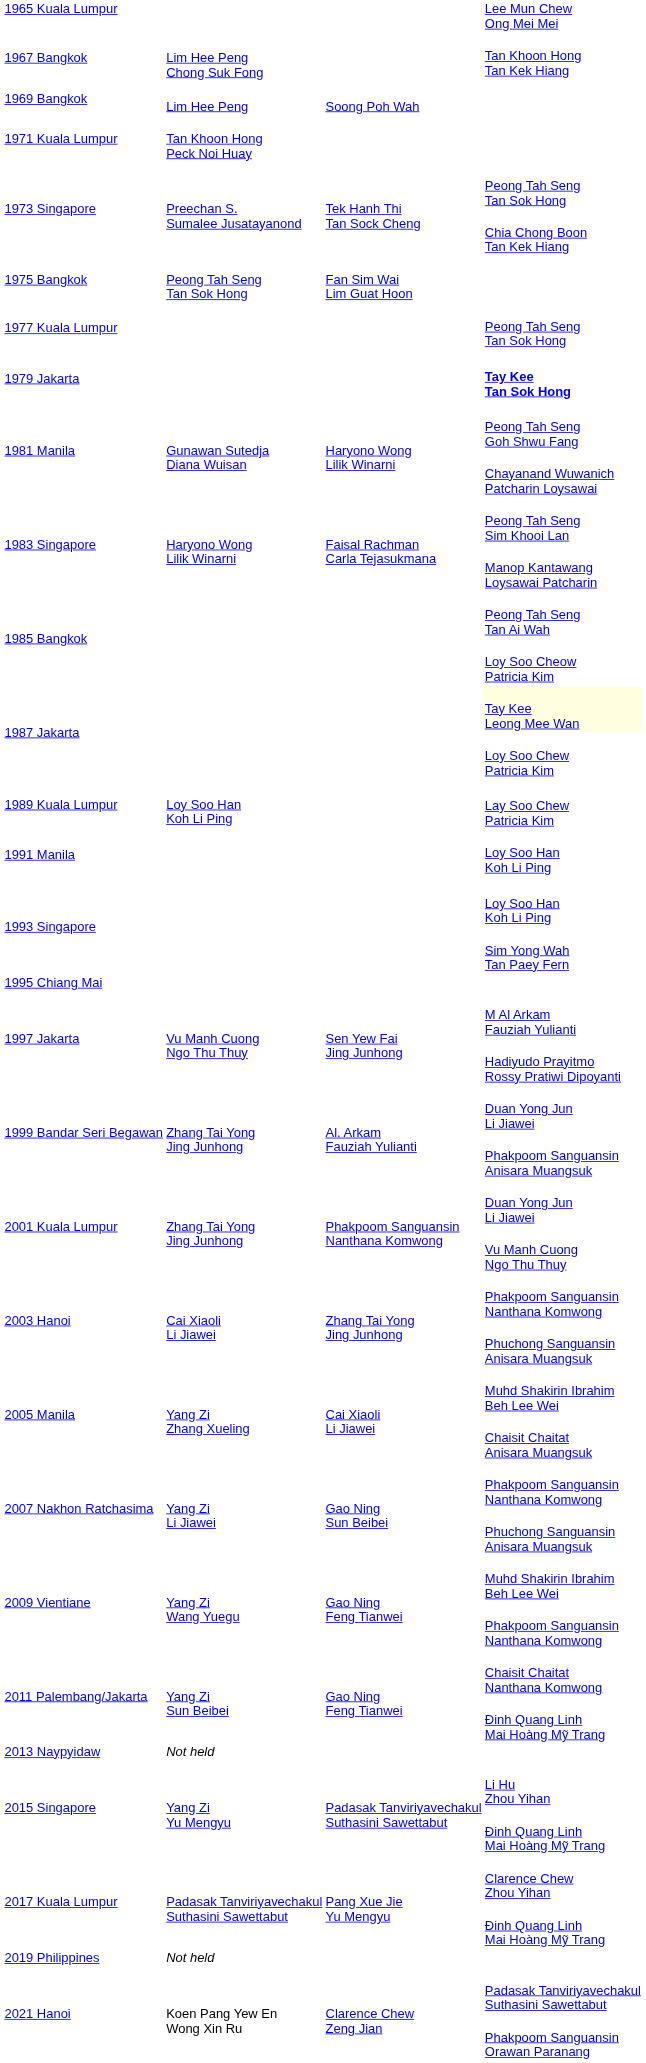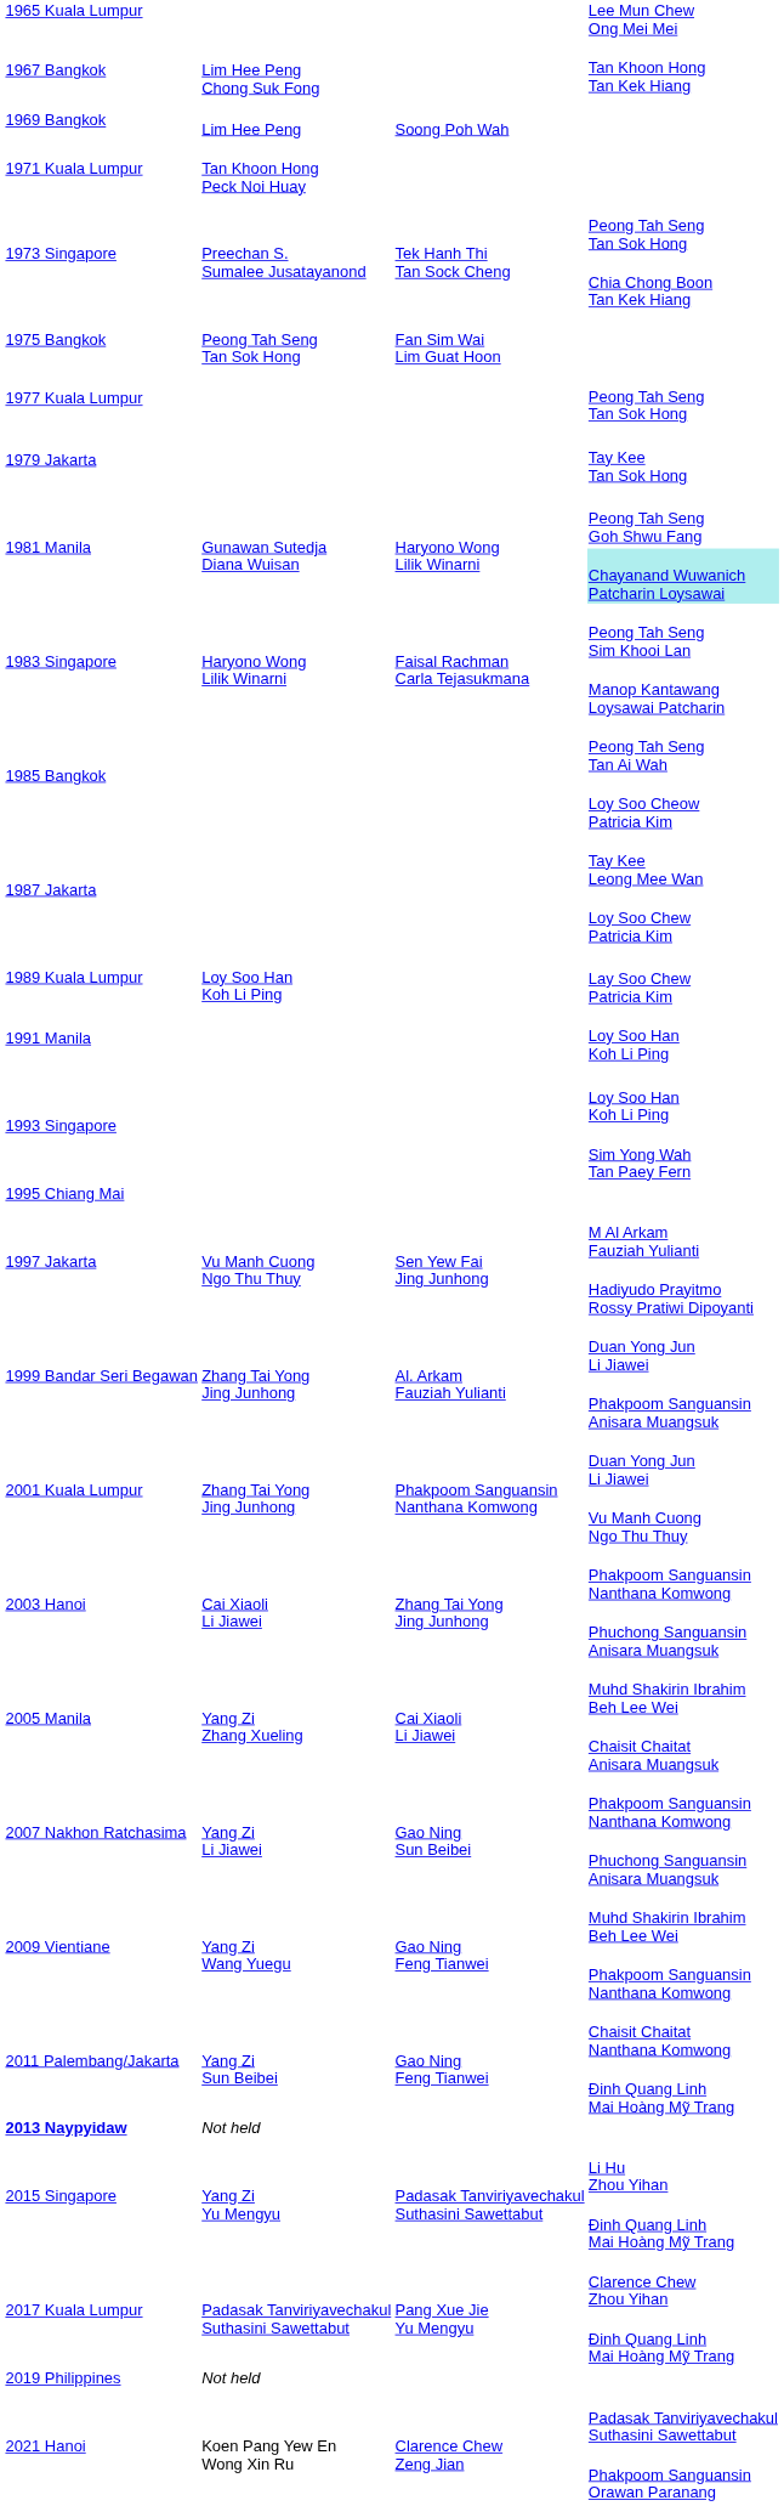 <table>
 <tr>
 <td><a href='#'>1965 Kuala Lumpur</a><br></td>
 <td></td>
 <td></td>
 <td><br><a href='#'>Lee Mun Chew</a><br><a href='#'>Ong Mei Mei</a></td>
 </tr>
 <tr>
 <td rowspan=2><a href='#'>1967 Bangkok</a><br></td>
 <td rowspan=2><br><a href='#'>Lim Hee Peng</a><br><a href='#'>Chong Suk Fong</a></td>
 <td rowspan=2></td>
 <td><br><a href='#'>Tan Khoon Hong</a><br><a href='#'>Tan Kek Hiang</a></td>
 </tr>
 <tr>
 <td></td>
 </tr>
 <tr>
 <td rowspan=2><a href='#'>1969 Bangkok</a><br></td>
 <td rowspan=2><br><a href='#'>Lim Hee Peng</a></td>
 <td rowspan=2><br><a href='#'>Soong Poh Wah</a></td>
 <td></td>
 </tr>
 <tr>
 <td></td>
 </tr>
 <tr>
 <td rowspan=2><a href='#'>1971 Kuala Lumpur</a><br></td>
 <td rowspan=2><br><a href='#'>Tan Khoon Hong</a><br><a href='#'>Peck Noi Huay</a></td>
 <td rowspan=2></td>
 <td></td>
 </tr>
 <tr>
 <td></td>
 </tr>
 <tr>
 <td rowspan=2><a href='#'>1973 Singapore</a><br></td>
 <td rowspan=2><br><a href='#'>Preechan S.</a><br><a href='#'>Sumalee Jusatayanond</a></td>
 <td rowspan=2><br><a href='#'>Tek Hanh Thi</a><br><a href='#'>Tan Sock Cheng</a></td>
 <td><br><a href='#'>Peong Tah Seng</a><br><a href='#'>Tan Sok Hong</a></td>
 </tr>
 <tr>
 <td><br><a href='#'>Chia Chong Boon</a><br><a href='#'>Tan Kek Hiang</a></td>
 </tr>
 <tr>
 <td rowspan=2><a href='#'>1975 Bangkok</a><br></td>
 <td rowspan=2><br><a href='#'>Peong Tah Seng</a><br><a href='#'>Tan Sok Hong</a></td>
 <td rowspan=2><br><a href='#'>Fan Sim Wai</a><br><a href='#'>Lim Guat Hoon</a></td>
 <td></td>
 </tr>
 <tr>
 <td></td>
 </tr>
 <tr>
 <td rowspan=2><a href='#'>1977 Kuala Lumpur</a><br></td>
 <td rowspan=2></td>
 <td rowspan=2></td>
 <td><br><a href='#'>Peong Tah Seng</a><br><a href='#'>Tan Sok Hong</a></td>
 </tr>
 <tr>
 <td></td>
 </tr>
 <tr>
 <td rowspan=2><a href='#'>1979 Jakarta</a><br></td>
 <td rowspan=2></td>
 <td rowspan=2></td>
-<td><strong><br><a href='#'>Tay Kee</a><br><a href='#'>Tan Sok Hong</a></strong></td>
+<td><br><a href='#'>Tay Kee</a><br><a href='#'>Tan Sok Hong</a></td>
 </tr>
 <tr>
 <td></td>
 </tr>
 <tr>
 <td rowspan=2><a href='#'>1981 Manila</a><br></td>
 <td rowspan=2><br><a href='#'>Gunawan Sutedja</a><br><a href='#'>Diana Wuisan</a></td>
 <td rowspan=2><br><a href='#'>Haryono Wong</a><br><a href='#'>Lilik Winarni</a></td>
 <td><br><a href='#'>Peong Tah Seng</a><br><a href='#'>Goh Shwu Fang</a></td>
 </tr>
 <tr>
-<td><br><a href='#'>Chayanand Wuwanich</a><br><a href='#'>Patcharin Loysawai</a></td>
+<td style="background: paleturquoise;"><br><a href='#'>Chayanand Wuwanich</a><br><a href='#'>Patcharin Loysawai</a></td>
 </tr>
 <tr>
 <td rowspan=2><a href='#'>1983 Singapore</a><br></td>
 <td rowspan=2><br><a href='#'>Haryono Wong</a><br><a href='#'>Lilik Winarni</a></td>
 <td rowspan=2><br><a href='#'>Faisal Rachman</a><br><a href='#'>Carla Tejasukmana</a></td>
 <td><br><a href='#'>Peong Tah Seng</a><br><a href='#'>Sim Khooi Lan</a></td>
 </tr>
 <tr>
 <td><br><a href='#'>Manop Kantawang</a><br><a href='#'>Loysawai Patcharin</a></td>
 </tr>
 <tr>
 <td rowspan=2><a href='#'>1985 Bangkok</a><br></td>
 <td rowspan=2></td>
 <td rowspan=2></td>
 <td><br><a href='#'>Peong Tah Seng</a><br><a href='#'>Tan Ai Wah</a></td>
 </tr>
 <tr>
 <td><br><a href='#'>Loy Soo Cheow</a><br><a href='#'>Patricia Kim</a></td>
 </tr>
 <tr>
 <td rowspan=2><a href='#'>1987 Jakarta</a><br></td>
 <td rowspan=2></td>
 <td rowspan=2></td>
-<td style="background: lightyellow;"><br><a href='#'>Tay Kee</a><br><a href='#'>Leong Mee Wan</a></td>
+<td><br><a href='#'>Tay Kee</a><br><a href='#'>Leong Mee Wan</a></td>
 </tr>
 <tr>
 <td><br><a href='#'>Loy Soo Chew</a><br><a href='#'>Patricia Kim</a></td>
 </tr>
 <tr>
 <td rowspan=2><a href='#'>1989 Kuala Lumpur</a><br></td>
 <td rowspan=2><br><a href='#'>Loy Soo Han</a><br><a href='#'>Koh Li Ping</a></td>
 <td rowspan=2></td>
 <td></td>
 </tr>
 <tr>
 <td><br><a href='#'>Lay Soo Chew</a><br><a href='#'>Patricia Kim</a></td>
 </tr>
 <tr>
 <td rowspan=2><a href='#'>1991 Manila</a><br></td>
 <td rowspan=2></td>
 <td rowspan=2></td>
 <td><br><a href='#'>Loy Soo Han</a><br><a href='#'>Koh Li Ping</a></td>
 </tr>
 <tr>
 <td></td>
 </tr>
 <tr>
 <td rowspan=2><a href='#'>1993 Singapore</a><br></td>
 <td rowspan=2></td>
 <td rowspan=2></td>
 <td><br><a href='#'>Loy Soo Han</a><br><a href='#'>Koh Li Ping</a></td>
 </tr>
 <tr>
 <td><br><a href='#'>Sim Yong Wah</a><br><a href='#'>Tan Paey Fern</a></td>
 </tr>
 <tr>
 <td rowspan=2><a href='#'>1995 Chiang Mai</a><br></td>
 <td rowspan=2></td>
 <td rowspan=2></td>
 <td></td>
 </tr>
 <tr>
 <td></td>
 </tr>
 <tr>
 <td rowspan=2><a href='#'>1997 Jakarta</a><br></td>
 <td rowspan=2><br><a href='#'>Vu Manh Cuong</a><br><a href='#'>Ngo Thu Thuy</a></td>
 <td rowspan=2><br><a href='#'>Sen Yew Fai</a><br><a href='#'>Jing Junhong</a></td>
 <td><br><a href='#'>M Al Arkam</a><br><a href='#'>Fauziah Yulianti</a></td>
 </tr>
 <tr>
 <td><br><a href='#'>Hadiyudo Prayitmo</a><br><a href='#'>Rossy Pratiwi Dipoyanti</a></td>
 </tr>
 <tr>
 <td rowspan=2><a href='#'>1999 Bandar Seri Begawan</a><br></td>
 <td rowspan=2><br><a href='#'>Zhang Tai Yong</a><br><a href='#'>Jing Junhong</a></td>
 <td rowspan=2><br><a href='#'>Al. Arkam</a><br><a href='#'>Fauziah Yulianti</a></td>
 <td><br><a href='#'>Duan Yong Jun</a><br><a href='#'>Li Jiawei</a></td>
 </tr>
 <tr>
 <td><br><a href='#'>Phakpoom Sanguansin</a><br><a href='#'>Anisara Muangsuk</a></td>
 </tr>
 <tr>
 <td rowspan=2><a href='#'>2001 Kuala Lumpur</a><br></td>
 <td rowspan=2><br><a href='#'>Zhang Tai Yong</a><br><a href='#'>Jing Junhong</a></td>
 <td rowspan=2><br><a href='#'>Phakpoom Sanguansin</a><br><a href='#'>Nanthana Komwong</a></td>
 <td><br><a href='#'>Duan Yong Jun</a><br><a href='#'>Li Jiawei</a></td>
 </tr>
 <tr>
 <td><br><a href='#'>Vu Manh Cuong</a><br><a href='#'>Ngo Thu Thuy</a></td>
 </tr>
 <tr>
 <td rowspan=2><a href='#'>2003 Hanoi</a><br></td>
 <td rowspan=2><br><a href='#'>Cai Xiaoli</a><br><a href='#'>Li Jiawei</a></td>
 <td rowspan=2><br><a href='#'>Zhang Tai Yong</a><br><a href='#'>Jing Junhong</a></td>
 <td><br><a href='#'>Phakpoom Sanguansin</a><br><a href='#'>Nanthana Komwong</a></td>
 </tr>
 <tr>
 <td><br><a href='#'>Phuchong Sanguansin</a><br><a href='#'>Anisara Muangsuk</a></td>
 </tr>
 <tr>
 <td rowspan=2><a href='#'>2005 Manila</a><br></td>
 <td rowspan=2><br><a href='#'>Yang Zi</a><br><a href='#'>Zhang Xueling</a></td>
 <td rowspan=2><br><a href='#'>Cai Xiaoli</a><br><a href='#'>Li Jiawei</a></td>
 <td><br><a href='#'>Muhd Shakirin Ibrahim</a><br><a href='#'>Beh Lee Wei</a></td>
 </tr>
 <tr>
 <td><br><a href='#'>Chaisit Chaitat</a><br><a href='#'>Anisara Muangsuk</a></td>
 </tr>
 <tr>
 <td rowspan=2><a href='#'>2007 Nakhon Ratchasima</a><br></td>
 <td rowspan=2><br><a href='#'>Yang Zi</a><br><a href='#'>Li Jiawei</a></td>
 <td rowspan=2><br><a href='#'>Gao Ning</a><br><a href='#'>Sun Beibei</a></td>
 <td><br><a href='#'>Phakpoom Sanguansin</a><br><a href='#'>Nanthana Komwong</a></td>
 </tr>
 <tr>
 <td><br><a href='#'>Phuchong Sanguansin</a><br><a href='#'>Anisara Muangsuk</a></td>
 </tr>
 <tr>
 <td rowspan=2><a href='#'>2009 Vientiane</a><br></td>
 <td rowspan=2><br><a href='#'>Yang Zi</a><br><a href='#'>Wang Yuegu</a></td>
 <td rowspan=2><br><a href='#'>Gao Ning</a><br><a href='#'>Feng Tianwei</a></td>
 <td><br><a href='#'>Muhd Shakirin Ibrahim</a><br><a href='#'>Beh Lee Wei</a></td>
 </tr>
 <tr>
 <td><br><a href='#'>Phakpoom Sanguansin</a><br><a href='#'>Nanthana Komwong</a></td>
 </tr>
 <tr>
 <td rowspan=2><a href='#'>2011 Palembang/Jakarta</a><br></td>
 <td rowspan=2><br><a href='#'>Yang Zi</a><br><a href='#'>Sun Beibei</a></td>
 <td rowspan=2><br><a href='#'>Gao Ning</a><br><a href='#'>Feng Tianwei</a></td>
 <td><br><a href='#'>Chaisit Chaitat</a><br><a href='#'>Nanthana Komwong</a></td>
 </tr>
 <tr>
 <td><br><a href='#'>Đinh Quang Linh</a><br><a href='#'>Mai Hoàng Mỹ Trang</a></td>
 </tr>
 <tr>
-<td><a href='#'>2013 Naypyidaw</a><br></td>
+<td><strong><a href='#'>2013 Naypyidaw</a><br></strong></td>
 <td colspan=3><em>Not held</em></td>
 </tr>
 <tr>
 <td rowspan=2><a href='#'>2015 Singapore</a><br></td>
 <td rowspan=2><br><a href='#'>Yang Zi</a><br><a href='#'>Yu Mengyu</a></td>
 <td rowspan=2><br><a href='#'>Padasak Tanviriyavechakul</a><br><a href='#'>Suthasini Sawettabut</a></td>
 <td><br><a href='#'>Li Hu</a><br><a href='#'>Zhou Yihan</a></td>
 </tr>
 <tr>
 <td><br><a href='#'>Đinh Quang Linh</a><br><a href='#'>Mai Hoàng Mỹ Trang</a></td>
 </tr>
 <tr>
 <td rowspan=2><a href='#'>2017 Kuala Lumpur</a><br></td>
 <td rowspan=2><br><a href='#'>Padasak Tanviriyavechakul</a><br><a href='#'>Suthasini Sawettabut</a></td>
 <td rowspan=2><br><a href='#'>Pang Xue Jie</a><br><a href='#'>Yu Mengyu</a></td>
 <td><br><a href='#'>Clarence Chew</a><br><a href='#'>Zhou Yihan</a></td>
 </tr>
 <tr>
 <td><br><a href='#'>Đinh Quang Linh</a><br><a href='#'>Mai Hoàng Mỹ Trang</a></td>
 </tr>
 <tr>
 <td><a href='#'>2019 Philippines</a><br></td>
 <td colspan=3><em>Not held</em></td>
 </tr>
 <tr>
 <td rowspan=2><a href='#'>2021 Hanoi</a><br></td>
 <td rowspan=2><br>Koen Pang Yew En<br>Wong Xin Ru</td>
 <td rowspan=2><br><a href='#'>Clarence Chew</a><br><a href='#'>Zeng Jian</a></td>
 <td><br><a href='#'>Padasak Tanviriyavechakul</a><br><a href='#'>Suthasini Sawettabut</a></td>
 </tr>
 <tr>
 <td><br><a href='#'>Phakpoom Sanguansin</a><br><a href='#'>Orawan Paranang</a></td>
 </tr>
 <tr>
 </tr>
 </table>
